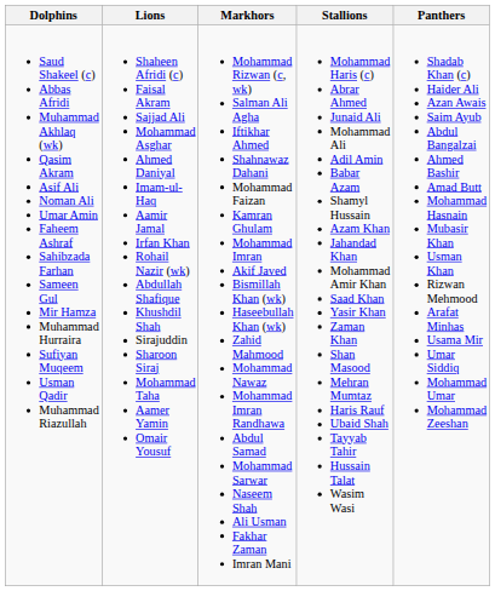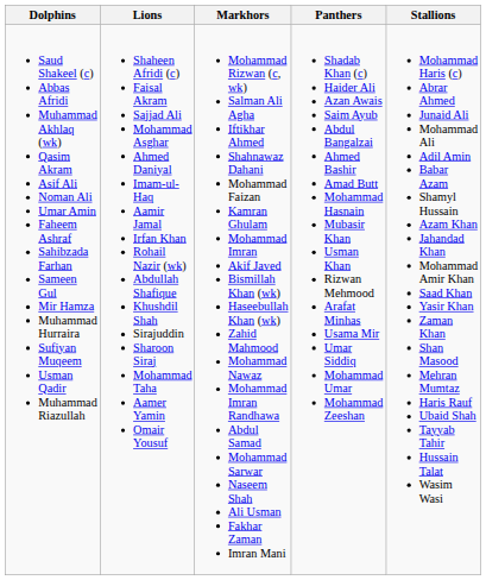 <table class="wikitable" style="text-align:left; margin:auto">
 <tr>
 <th>Dolphins</th>
 <th>Lions</th>
 <th>Markhors</th>
+<th>Panthers</th>
 <th>Stallions</th>
-<th>Panthers</th>
 </tr>
 <tr>
 <td valign=top><br><ul><li><a href='#'>Saud Shakeel</a> (<a href='#'>c</a>)</li><li><a href='#'>Abbas Afridi</a></li><li><a href='#'>Muhammad Akhlaq</a> (<a href='#'>wk</a>)</li><li><a href='#'>Qasim Akram</a></li><li><a href='#'>Asif Ali</a></li><li><a href='#'>Noman Ali</a></li><li><a href='#'>Umar Amin</a></li><li><a href='#'>Faheem Ashraf</a></li><li><a href='#'>Sahibzada Farhan</a></li><li><a href='#'>Sameen Gul</a></li><li><a href='#'>Mir Hamza</a></li><li>Muhammad Hurraira</li><li><a href='#'>Sufiyan Muqeem</a></li><li><a href='#'>Usman Qadir</a></li><li>Muhammad Riazullah</li></ul></td>
 <td valign=top><br><ul><li><a href='#'>Shaheen Afridi</a> (<a href='#'>c</a>)</li><li><a href='#'>Faisal Akram</a></li><li><a href='#'>Sajjad Ali</a></li><li><a href='#'>Mohammad Asghar</a></li><li><a href='#'>Ahmed Daniyal</a></li><li><a href='#'>Imam-ul-Haq</a></li><li><a href='#'>Aamir Jamal</a></li><li><a href='#'>Irfan Khan</a></li><li><a href='#'>Rohail Nazir</a> (<a href='#'>wk</a>)</li><li><a href='#'>Abdullah Shafique</a></li><li><a href='#'>Khushdil Shah</a></li><li>Sirajuddin</li><li><a href='#'>Sharoon Siraj</a></li><li><a href='#'>Mohammad Taha</a></li><li><a href='#'>Aamer Yamin</a></li><li><a href='#'>Omair Yousuf</a></li></ul></td>
 <td valign=top><br><ul><li><a href='#'>Mohammad Rizwan</a> (<a href='#'>c</a>, <a href='#'>wk</a>)</li><li><a href='#'>Salman Ali Agha</a></li><li><a href='#'>Iftikhar Ahmed</a></li><li><a href='#'>Shahnawaz Dahani</a></li><li>Mohammad Faizan</li><li><a href='#'>Kamran Ghulam</a></li><li><a href='#'>Mohammad Imran</a></li><li><a href='#'>Akif Javed</a></li><li><a href='#'>Bismillah Khan</a> (<a href='#'>wk</a>)</li><li><a href='#'>Haseebullah Khan</a> (<a href='#'>wk</a>)</li><li><a href='#'>Zahid Mahmood</a></li><li><a href='#'>Mohammad Nawaz</a></li><li><a href='#'>Mohammad Imran Randhawa</a></li><li><a href='#'>Abdul Samad</a></li><li><a href='#'>Mohammad Sarwar</a></li><li><a href='#'>Naseem Shah</a></li><li><a href='#'>Ali Usman</a></li><li><a href='#'>Fakhar Zaman</a></li><li>Imran Mani</li></ul></td>
+<td valign=top><br><ul><li><a href='#'>Shadab Khan</a> (<a href='#'>c</a>)</li><li><a href='#'>Haider Ali</a></li><li><a href='#'>Azan Awais</a></li><li><a href='#'>Saim Ayub</a></li><li><a href='#'>Abdul Bangalzai</a></li><li><a href='#'>Ahmed Bashir</a></li><li><a href='#'>Amad Butt</a></li><li><a href='#'>Mohammad Hasnain</a></li><li><a href='#'>Mubasir Khan</a></li><li><a href='#'>Usman Khan</a></li><li>Rizwan Mehmood</li><li><a href='#'>Arafat Minhas</a></li><li><a href='#'>Usama Mir</a></li><li><a href='#'>Umar Siddiq</a></li><li><a href='#'>Mohammad Umar</a></li><li><a href='#'>Mohammad Zeeshan</a></li></ul></td>
 <td valign=top><br><ul><li><a href='#'>Mohammad Haris</a> (<a href='#'>c</a>)</li><li><a href='#'>Abrar Ahmed</a></li><li><a href='#'>Junaid Ali</a></li><li>Mohammad Ali</li><li><a href='#'>Adil Amin</a></li><li><a href='#'>Babar Azam</a></li><li>Shamyl Hussain</li><li><a href='#'>Azam Khan</a></li><li><a href='#'>Jahandad Khan</a></li><li>Mohammad Amir Khan</li><li><a href='#'>Saad Khan</a></li><li><a href='#'>Yasir Khan</a></li><li><a href='#'>Zaman Khan</a></li><li><a href='#'>Shan Masood</a></li><li><a href='#'>Mehran Mumtaz</a></li><li><a href='#'>Haris Rauf</a></li><li><a href='#'>Ubaid Shah</a></li><li><a href='#'>Tayyab Tahir</a></li><li><a href='#'>Hussain Talat</a></li><li>Wasim Wasi</li></ul></td>
-<td valign=top><br><ul><li><a href='#'>Shadab Khan</a> (<a href='#'>c</a>)</li><li><a href='#'>Haider Ali</a></li><li><a href='#'>Azan Awais</a></li><li><a href='#'>Saim Ayub</a></li><li><a href='#'>Abdul Bangalzai</a></li><li><a href='#'>Ahmed Bashir</a></li><li><a href='#'>Amad Butt</a></li><li><a href='#'>Mohammad Hasnain</a></li><li><a href='#'>Mubasir Khan</a></li><li><a href='#'>Usman Khan</a></li><li>Rizwan Mehmood</li><li><a href='#'>Arafat Minhas</a></li><li><a href='#'>Usama Mir</a></li><li><a href='#'>Umar Siddiq</a></li><li><a href='#'>Mohammad Umar</a></li><li><a href='#'>Mohammad Zeeshan</a></li></ul></td>
 </tr>
 </table>
